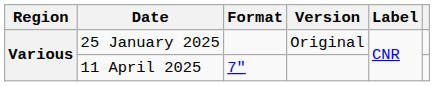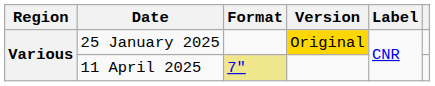 <table class="wikitable plainrowheaders">
 <tr>
 <th scope="col">Region</th>
 <th scope="col">Date</th>
 <th scope="col">Format</th>
 <th scope="col">Version</th>
 <th scope="col">Label</th>
 <th scope="col"></th>
 </tr>
 <tr>
 <th scope="row" rowspan="2">Various</th>
 <td>25 January 2025</td>
 <td></td>
-<td>Original</td>
+<td style="background: gold;">Original</td>
 <td rowspan="2"><a href='#'>CNR</a></td>
 <td></td>
 </tr>
 <tr>
 <td>11 April 2025</td>
-<td><a href='#'>7"</a></td>
+<td style="background: khaki;"><a href='#'>7"</a></td>
 <td></td>
 <td></td>
 </tr>
 </table>
